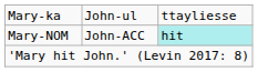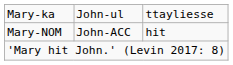 <table class="wikitable">
 <tr>
 <td>Mary-ka</td>
 <td>John-ul</td>
 <td>ttayliesse</td>
 </tr>
 <tr>
 <td>Mary-NOM</td>
 <td>John-ACC</td>
-<td style="background: paleturquoise;">hit</td>
+<td>hit</td>
 </tr>
 <tr>
 <td colspan="3">'Mary hit John.' (Levin 2017: 8)</td>
 </tr>
 </table>
